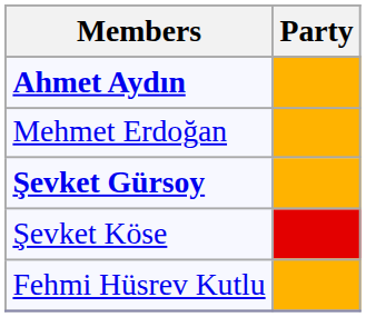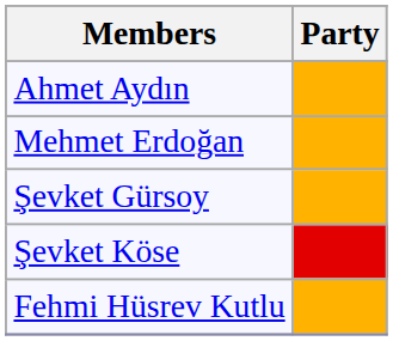 <table class=wikitable style="border:1px solid #8888aa; background-color:#f7f8ff; padding:0px; font-size:90%;">
 <tr>
 <th>Members</th>
 <th colspan="2">Party</th>
 </tr>
 <tr>
-<td><strong><a href='#'>Ahmet Aydın</a></strong></td>
+<td><a href='#'>Ahmet Aydın</a></td>
 <td style="background: #ffb300"></td>
 </tr>
 <tr>
 <td><a href='#'>Mehmet Erdoğan</a></td>
 <td style="background: #ffb300"></td>
 </tr>
 <tr>
-<td><strong><a href='#'>Şevket Gürsoy</a></strong></td>
+<td><a href='#'>Şevket Gürsoy</a></td>
 <td style="background: #ffb300"></td>
 </tr>
 <tr>
 <td><a href='#'>Şevket Köse</a></td>
 <td style="background: #e30000"></td>
 </tr>
 <tr>
 <td><a href='#'>Fehmi Hüsrev Kutlu</a></td>
 <td style="background: #ffb300"></td>
 </tr>
 <tr>
 </tr>
 </table>
